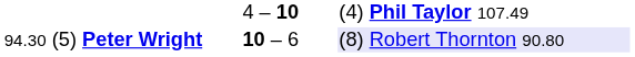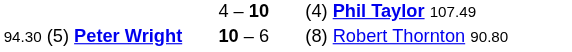 <table style="text-align:center">
 <tr>
 <th width=227></th>
 <th width=100></th>
 <th width=229></th>
 </tr>
 <tr>
 <td align=right></td>
 <td>4 – <strong>10</strong></td>
 <td align=left>(4)  <strong><a href='#'>Phil Taylor</a></strong> <small><span>107.49</span></small></td>
 </tr>
 <tr>
 <td align=right><small><span>94.30</span></small> (5) <strong><a href='#'>Peter Wright</a></strong> </td>
 <td><strong>10</strong> – 6</td>
-<td align=left style="background: lavender;">(8)  <a href='#'>Robert Thornton</a> <small><span>90.80</span></small></td>
+<td align=left>(8)  <a href='#'>Robert Thornton</a> <small><span>90.80</span></small></td>
 </tr>
 </table>
